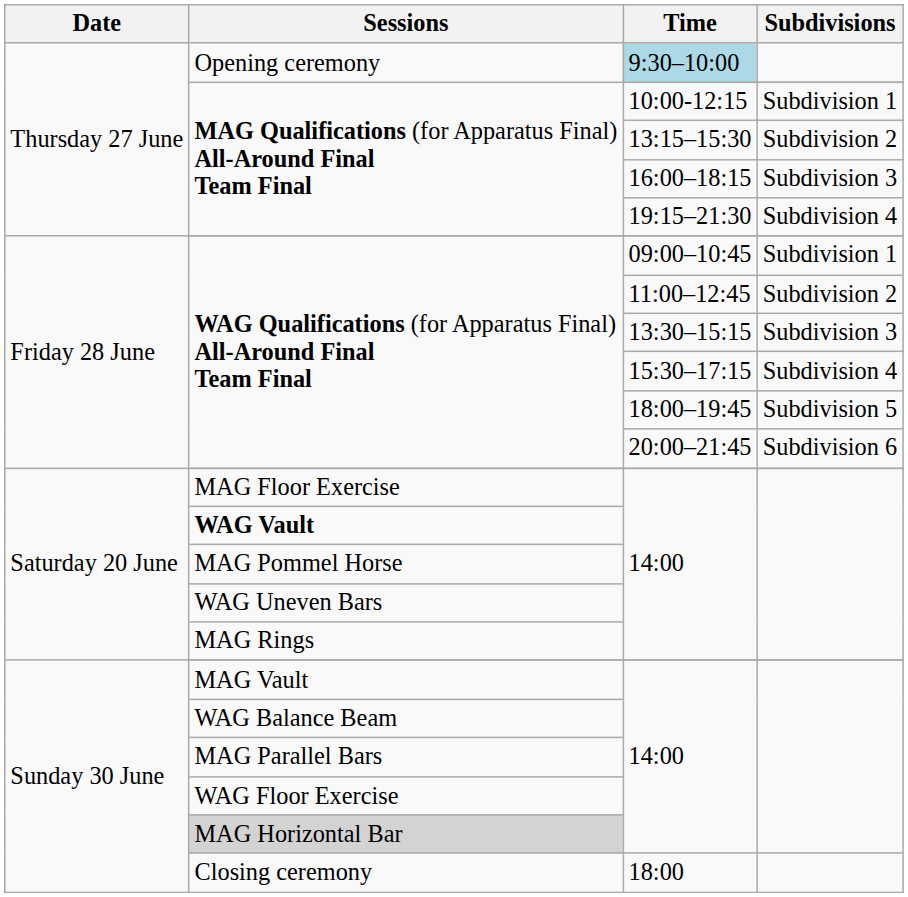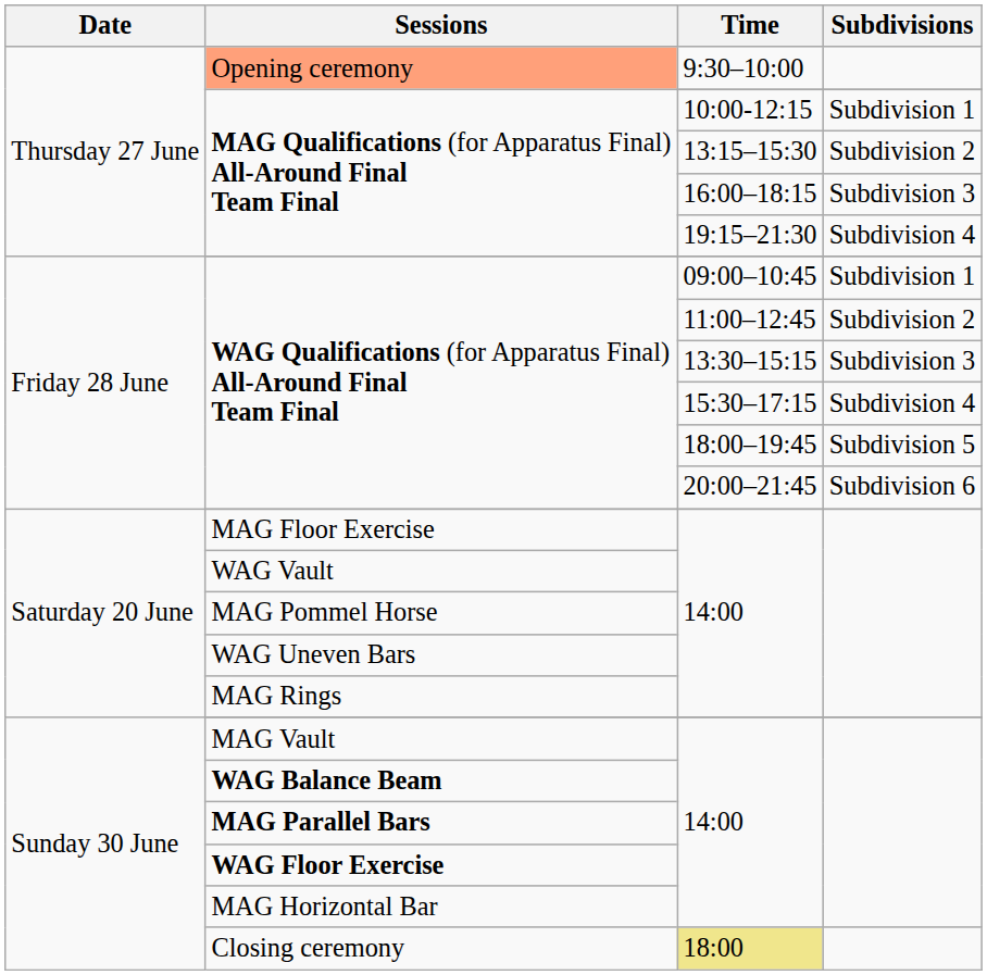 <table class="wikitable">
 <tr>
 <th>Date</th>
 <th>Sessions</th>
 <th>Time</th>
 <th>Subdivisions</th>
 </tr>
 <tr>
 <td rowspan="6">Thursday 27 June</td>
-<td>Opening ceremony</td>
-<td style="background: lightblue;">9:30–10:00</td>
+<td style="background: lightsalmon;">Opening ceremony</td>
+<td>9:30–10:00</td>
 <td></td>
 </tr>
 <tr>
 <td rowspan="5"><strong>MAG Qualifications</strong> (for Apparatus Final)<br><strong>All-Around Final</strong><br><strong>Team Final</strong></td>
 </tr>
 <tr>
 <td>10:00-12:15</td>
 <td>Subdivision 1</td>
 </tr>
 <tr>
 <td>13:15–15:30</td>
 <td>Subdivision 2</td>
 </tr>
 <tr>
 <td>16:00–18:15</td>
 <td>Subdivision 3</td>
 </tr>
 <tr>
 <td>19:15–21:30</td>
 <td>Subdivision 4</td>
 </tr>
 <tr>
 <td rowspan="8">Friday 28 June</td>
 </tr>
 <tr>
 <td rowspan="7"><strong>WAG Qualifications</strong> (for Apparatus Final)<br><strong>All-Around Final</strong><br><strong>Team Final</strong></td>
 </tr>
 <tr>
 <td>09:00–10:45</td>
 <td>Subdivision 1</td>
 </tr>
 <tr>
 <td>11:00–12:45</td>
 <td>Subdivision 2</td>
 </tr>
 <tr>
 <td>13:30–15:15</td>
 <td>Subdivision 3</td>
 </tr>
 <tr>
 <td>15:30–17:15</td>
 <td>Subdivision 4</td>
 </tr>
 <tr>
 <td>18:00–19:45</td>
 <td>Subdivision 5</td>
 </tr>
 <tr>
 <td>20:00–21:45</td>
 <td>Subdivision 6</td>
 </tr>
 <tr>
 <td rowspan="6">Saturday 20 June</td>
 </tr>
 <tr>
 <td>MAG Floor Exercise</td>
 <td rowspan="5">14:00</td>
 <td rowspan="5"></td>
 </tr>
 <tr>
-<td><strong>WAG Vault</strong></td>
+<td>WAG Vault</td>
 </tr>
 <tr>
 <td>MAG Pommel Horse</td>
 </tr>
 <tr>
 <td>WAG Uneven Bars</td>
 </tr>
 <tr>
 <td>MAG Rings</td>
 </tr>
 <tr>
 <td rowspan="7">Sunday 30 June</td>
 </tr>
 <tr>
 <td>MAG Vault</td>
 <td rowspan="5">14:00</td>
 <td rowspan="5"></td>
 </tr>
 <tr>
-<td>WAG Balance Beam</td>
+<td><strong>WAG Balance Beam</strong></td>
 </tr>
 <tr>
-<td>MAG Parallel Bars</td>
+<td><strong>MAG Parallel Bars</strong></td>
 </tr>
 <tr>
-<td>WAG Floor Exercise</td>
+<td><strong>WAG Floor Exercise</strong></td>
 </tr>
 <tr>
-<td style="background: lightgrey;">MAG Horizontal Bar</td>
+<td>MAG Horizontal Bar</td>
 </tr>
 <tr>
 <td>Closing ceremony</td>
-<td>18:00</td>
+<td style="background: khaki;">18:00</td>
 <td></td>
 </tr>
 </table>
